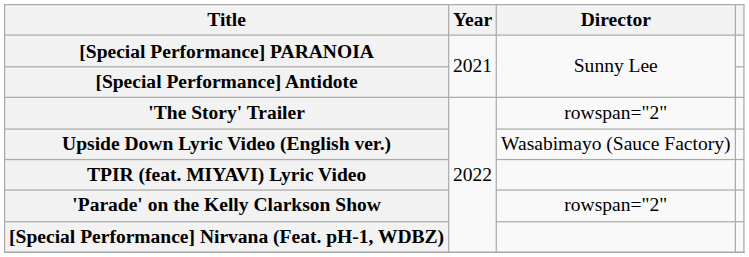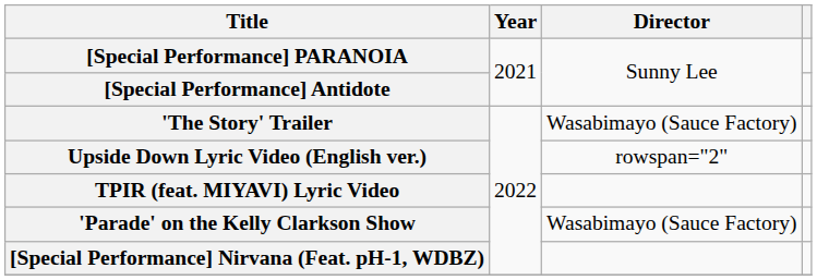 <table class="wikitable sortable plainrowheaders" style="text-align:center;">
 <tr>
 <th scope="col">Title</th>
 <th scope="col">Year</th>
 <th scope="col">Director</th>
 <th scope="col" class="unsortable"></th>
 </tr>
 <tr>
 <th scope="row">[Special Performance] PARANOIA</th>
 <td rowspan="2">2021</td>
 <td rowspan="2">Sunny Lee</td>
 <td></td>
 </tr>
 <tr>
 <th scope="row">[Special Performance] Antidote</th>
 <td></td>
 </tr>
 <tr>
 <th scope="row">'The Story' Trailer</th>
 <td rowspan="5">2022</td>
-<td>rowspan="2" </td>
+<td>Wasabimayo (Sauce Factory)</td>
 <td></td>
 </tr>
 <tr>
 <th scope="row">Upside Down Lyric Video (English ver.)</th>
-<td>Wasabimayo (Sauce Factory)</td>
+<td>rowspan="2" </td>
 <td></td>
 </tr>
 <tr>
 <th scope="row">TPIR (feat. MIYAVI) Lyric Video</th>
 <td></td>
 </tr>
 <tr>
 <th scope="row">'Parade' on the Kelly Clarkson Show</th>
-<td>rowspan="2" </td>
+<td>Wasabimayo (Sauce Factory)</td>
 <td></td>
 </tr>
 <tr>
 <th scope="row">[Special Performance] Nirvana (Feat. pH-1, WDBZ)</th>
 <td></td>
 <td></td>
 </tr>
 <tr>
 </tr>
 </table>
